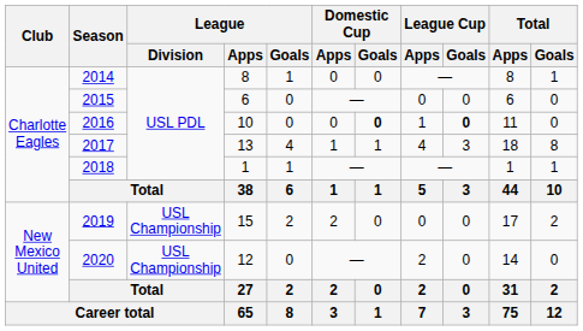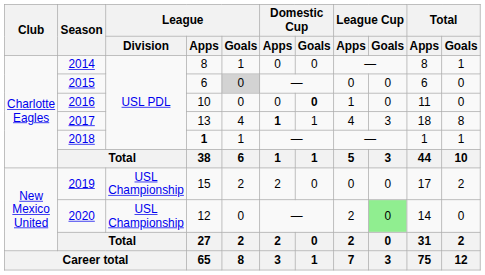 <table class="wikitable" style="text-align: center;">
 <tr>
 <th rowspan="2">Club</th>
 <th rowspan="2">Season</th>
 <th colspan="3">League</th>
 <th colspan="2">Domestic Cup</th>
 <th colspan="2">League Cup</th>
 <th colspan="2">Total</th>
 </tr>
 <tr>
 <th>Division</th>
 <th>Apps</th>
 <th>Goals</th>
 <th>Apps</th>
 <th>Goals</th>
 <th>Apps</th>
 <th>Goals</th>
 <th>Apps</th>
 <th>Goals</th>
 </tr>
 <tr>
 <td rowspan="6"><a href='#'>Charlotte Eagles</a></td>
 <td><a href='#'>2014</a></td>
 <td rowspan="5"><a href='#'>USL PDL</a></td>
 <td>8</td>
 <td>1</td>
 <td>0</td>
 <td>0</td>
 <td colspan="2">—</td>
 <td>8</td>
 <td>1</td>
 </tr>
 <tr>
 <td><a href='#'>2015</a></td>
 <td>6</td>
-<td>0</td>
+<td style="background: lightgrey;">0</td>
 <td colspan="2">—</td>
 <td>0</td>
 <td>0</td>
 <td>6</td>
 <td>0</td>
 </tr>
 <tr>
 <td><a href='#'>2016</a></td>
 <td>10</td>
 <td>0</td>
 <td>0</td>
 <td><strong>0</strong></td>
 <td>1</td>
-<td><strong>0</strong></td>
+<td>0</td>
 <td>11</td>
 <td>0</td>
 </tr>
 <tr>
 <td><a href='#'>2017</a></td>
 <td>13</td>
 <td>4</td>
-<td>1</td>
+<td><strong>1</strong></td>
 <td>1</td>
 <td>4</td>
 <td>3</td>
 <td>18</td>
 <td>8</td>
 </tr>
 <tr>
 <td><a href='#'>2018</a></td>
-<td>1</td>
+<td><strong>1</strong></td>
 <td>1</td>
 <td colspan="2">—</td>
 <td colspan="2">—</td>
 <td>1</td>
 <td>1</td>
 </tr>
 <tr>
 <th colspan="2">Total</th>
 <th>38</th>
 <th>6</th>
 <th>1</th>
 <th>1</th>
 <th>5</th>
 <th>3</th>
 <th>44</th>
 <th>10</th>
 </tr>
 <tr>
 <td rowspan="3"><a href='#'>New Mexico United</a></td>
 <td><a href='#'>2019</a></td>
 <td><a href='#'>USL Championship</a></td>
 <td>15</td>
 <td>2</td>
 <td>2</td>
 <td>0</td>
 <td>0</td>
 <td>0</td>
 <td>17</td>
 <td>2</td>
 </tr>
 <tr>
 <td><a href='#'>2020</a></td>
 <td><a href='#'>USL Championship</a></td>
 <td>12</td>
 <td>0</td>
 <td colspan="2">—</td>
 <td>2</td>
-<td>0</td>
+<td style="background: lightgreen;">0</td>
 <td>14</td>
 <td>0</td>
 </tr>
 <tr>
 <th colspan="2">Total</th>
 <th>27</th>
 <th>2</th>
 <th>2</th>
 <th>0</th>
 <th>2</th>
 <th>0</th>
 <th>31</th>
 <th>2</th>
 </tr>
 <tr>
 <th colspan="3">Career total</th>
 <th>65</th>
 <th>8</th>
 <th>3</th>
 <th>1</th>
 <th>7</th>
 <th>3</th>
 <th>75</th>
 <th>12</th>
 </tr>
 </table>
